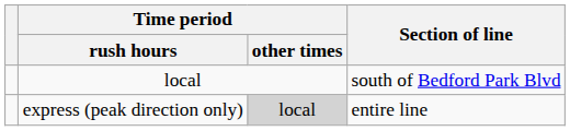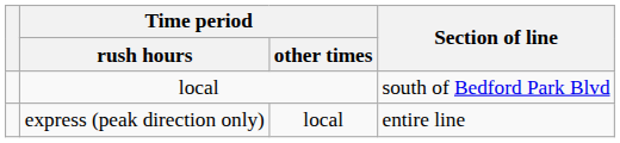 <table class="wikitable">
 <tr>
 <th rowspan=2> </th>
 <th colspan=2>Time period</th>
 <th rowspan=2>Section of line</th>
 </tr>
 <tr>
 <th>rush hours</th>
 <th>other times</th>
 </tr>
 <tr>
 <td></td>
 <td colspan="2" align="center">local</td>
 <td>south of <a href='#'>Bedford Park Blvd</a></td>
 </tr>
 <tr>
 <td></td>
 <td align=center>express (peak direction only)</td>
-<td align=center style="background: lightgrey;">local</td>
+<td align=center>local</td>
 <td>entire line</td>
 </tr>
 </table>
